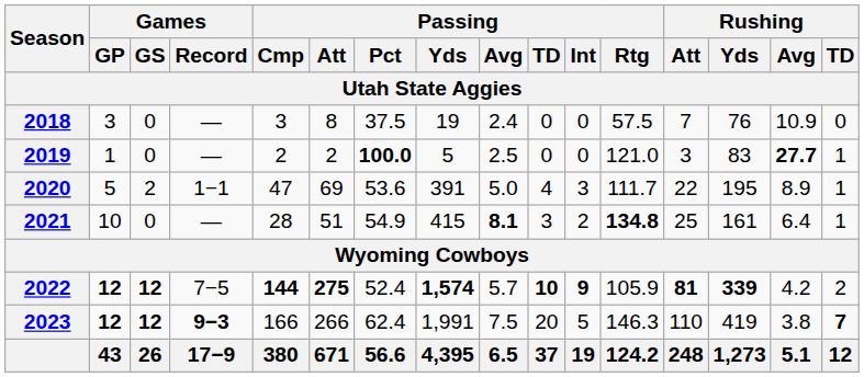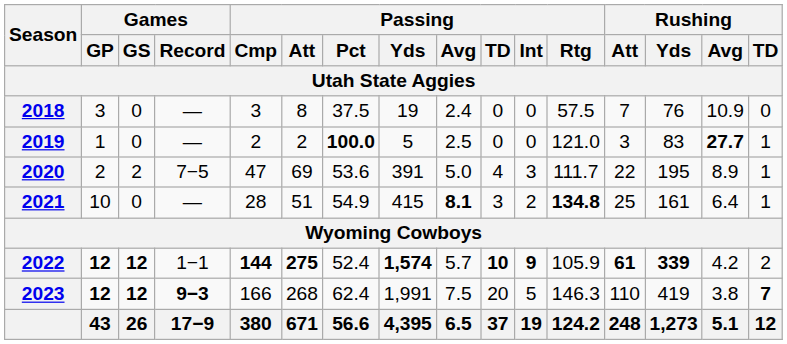 <table class="wikitable" style="text-align:center;">
 <tr>
 <th rowspan="2">Season</th>
 <th colspan="3">Games</th>
 <th colspan="8">Passing</th>
 <th colspan="5">Rushing</th>
 </tr>
 <tr>
 <th>GP</th>
 <th>GS</th>
 <th>Record</th>
 <th>Cmp</th>
 <th>Att</th>
 <th>Pct</th>
 <th>Yds</th>
 <th>Avg</th>
 <th>TD</th>
 <th>Int</th>
 <th>Rtg</th>
 <th>Att</th>
 <th>Yds</th>
 <th>Avg</th>
 <th>TD</th>
 </tr>
 <tr>
 <th colspan="16">Utah State Aggies</th>
 </tr>
 <tr>
 <th><a href='#'>2018</a></th>
 <td>3</td>
 <td>0</td>
 <td>—</td>
 <td>3</td>
 <td>8</td>
 <td>37.5</td>
 <td>19</td>
 <td>2.4</td>
 <td>0</td>
 <td>0</td>
 <td>57.5</td>
 <td>7</td>
 <td>76</td>
 <td>10.9</td>
 <td>0</td>
 </tr>
 <tr>
 <th><a href='#'>2019</a></th>
 <td>1</td>
 <td>0</td>
 <td>—</td>
 <td>2</td>
 <td>2</td>
 <td><strong>100.0</strong></td>
 <td>5</td>
 <td>2.5</td>
 <td>0</td>
 <td>0</td>
 <td>121.0</td>
 <td>3</td>
 <td>83</td>
 <td><strong>27.7</strong></td>
 <td>1</td>
 </tr>
 <tr>
 <th><a href='#'>2020</a></th>
-<td>5</td>
 <td>2</td>
-<td>1−1</td>
+<td>2</td>
+<td>7−5</td>
 <td>47</td>
 <td>69</td>
 <td>53.6</td>
 <td>391</td>
 <td>5.0</td>
 <td>4</td>
 <td>3</td>
 <td>111.7</td>
 <td>22</td>
 <td>195</td>
 <td>8.9</td>
 <td>1</td>
 </tr>
 <tr>
 <th><a href='#'>2021</a></th>
 <td>10</td>
 <td>0</td>
 <td>—</td>
 <td>28</td>
 <td>51</td>
 <td>54.9</td>
 <td>415</td>
 <td><strong>8.1</strong></td>
 <td>3</td>
 <td>2</td>
 <td><strong>134.8</strong></td>
 <td>25</td>
 <td>161</td>
 <td>6.4</td>
 <td>1</td>
 </tr>
 <tr>
 <th colspan="16">Wyoming Cowboys</th>
 </tr>
 <tr>
 <th><a href='#'>2022</a></th>
 <td><strong>12</strong></td>
 <td><strong>12</strong></td>
-<td>7−5</td>
+<td>1−1</td>
 <td><strong>144</strong></td>
 <td><strong>275</strong></td>
 <td>52.4</td>
 <td><strong>1,574</strong></td>
 <td>5.7</td>
 <td><strong>10</strong></td>
 <td><strong>9</strong></td>
 <td>105.9</td>
-<td><strong>81</strong></td>
+<td><strong>61</strong></td>
 <td><strong>339</strong></td>
 <td>4.2</td>
 <td>2</td>
 </tr>
 <tr>
 <th><a href='#'>2023</a></th>
 <td><strong>12</strong></td>
 <td><strong>12</strong></td>
 <td><strong>9−3</strong></td>
 <td>166</td>
-<td>266</td>
+<td>268</td>
 <td>62.4</td>
 <td>1,991</td>
 <td>7.5</td>
 <td>20</td>
 <td>5</td>
 <td>146.3</td>
 <td>110</td>
 <td>419</td>
 <td>3.8</td>
 <td><strong>7</strong></td>
 </tr>
 <tr>
 <th></th>
 <th>43</th>
 <th>26</th>
 <th>17−9</th>
 <th>380</th>
 <th>671</th>
 <th>56.6</th>
 <th>4,395</th>
 <th>6.5</th>
 <th>37</th>
 <th>19</th>
 <th>124.2</th>
 <th>248</th>
 <th>1,273</th>
 <th>5.1</th>
 <th>12</th>
 </tr>
 </table>
